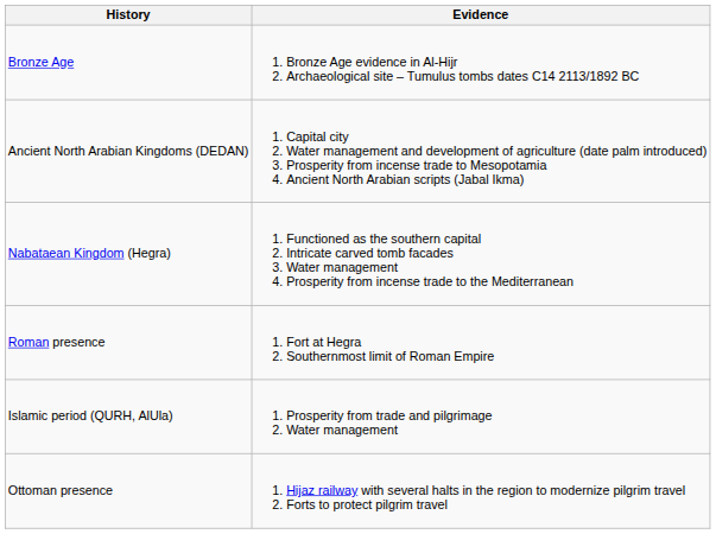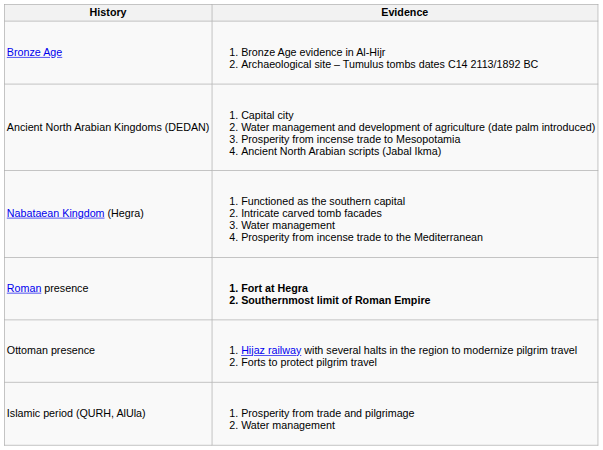 <table class="wikitable">
 <tr>
 <th>History</th>
 <th>Evidence</th>
 </tr>
 <tr>
 <td><a href='#'>Bronze Age</a></td>
 <td><br><ol><li>Bronze Age evidence in Al-Hijr</li><li>Archaeological site – Tumulus tombs dates C14 2113/1892 BC</li></ol></td>
 </tr>
 <tr>
 <td>Ancient North Arabian Kingdoms (DEDAN)</td>
 <td><br><ol><li>Capital city</li><li>Water management and development of agriculture (date palm introduced)</li><li>Prosperity from incense trade to Mesopotamia</li><li>Ancient North Arabian scripts (Jabal Ikma)</li></ol></td>
 </tr>
 <tr>
 <td><a href='#'>Nabataean Kingdom</a> (Hegra)</td>
 <td><br><ol><li>Functioned as the southern capital</li><li>Intricate carved tomb facades</li><li>Water management</li><li>Prosperity from incense trade to the Mediterranean</li></ol></td>
 </tr>
 <tr>
 <td><a href='#'>Roman</a> presence</td>
-<td><br><ol><li>Fort at Hegra</li><li>Southernmost limit of Roman Empire</li></ol></td>
+<td><strong><br><ol><li>Fort at Hegra</li><li>Southernmost limit of Roman Empire</li></ol></strong></td>
+</tr>
+<tr>
+<td>Ottoman presence</td>
+<td><br><ol><li><a href='#'>Hijaz railway</a> with several halts in the region to modernize pilgrim travel</li><li>Forts to protect pilgrim travel</li></ol></td>
 </tr>
 <tr>
 <td>Islamic period (QURH, AlUla)</td>
 <td><br><ol><li>Prosperity from trade and pilgrimage</li><li>Water management</li></ol></td>
 </tr>
-<tr>
-<td>Ottoman presence</td>
-<td><br><ol><li><a href='#'>Hijaz railway</a> with several halts in the region to modernize pilgrim travel</li><li>Forts to protect pilgrim travel</li></ol></td>
-</tr>
 </table>
